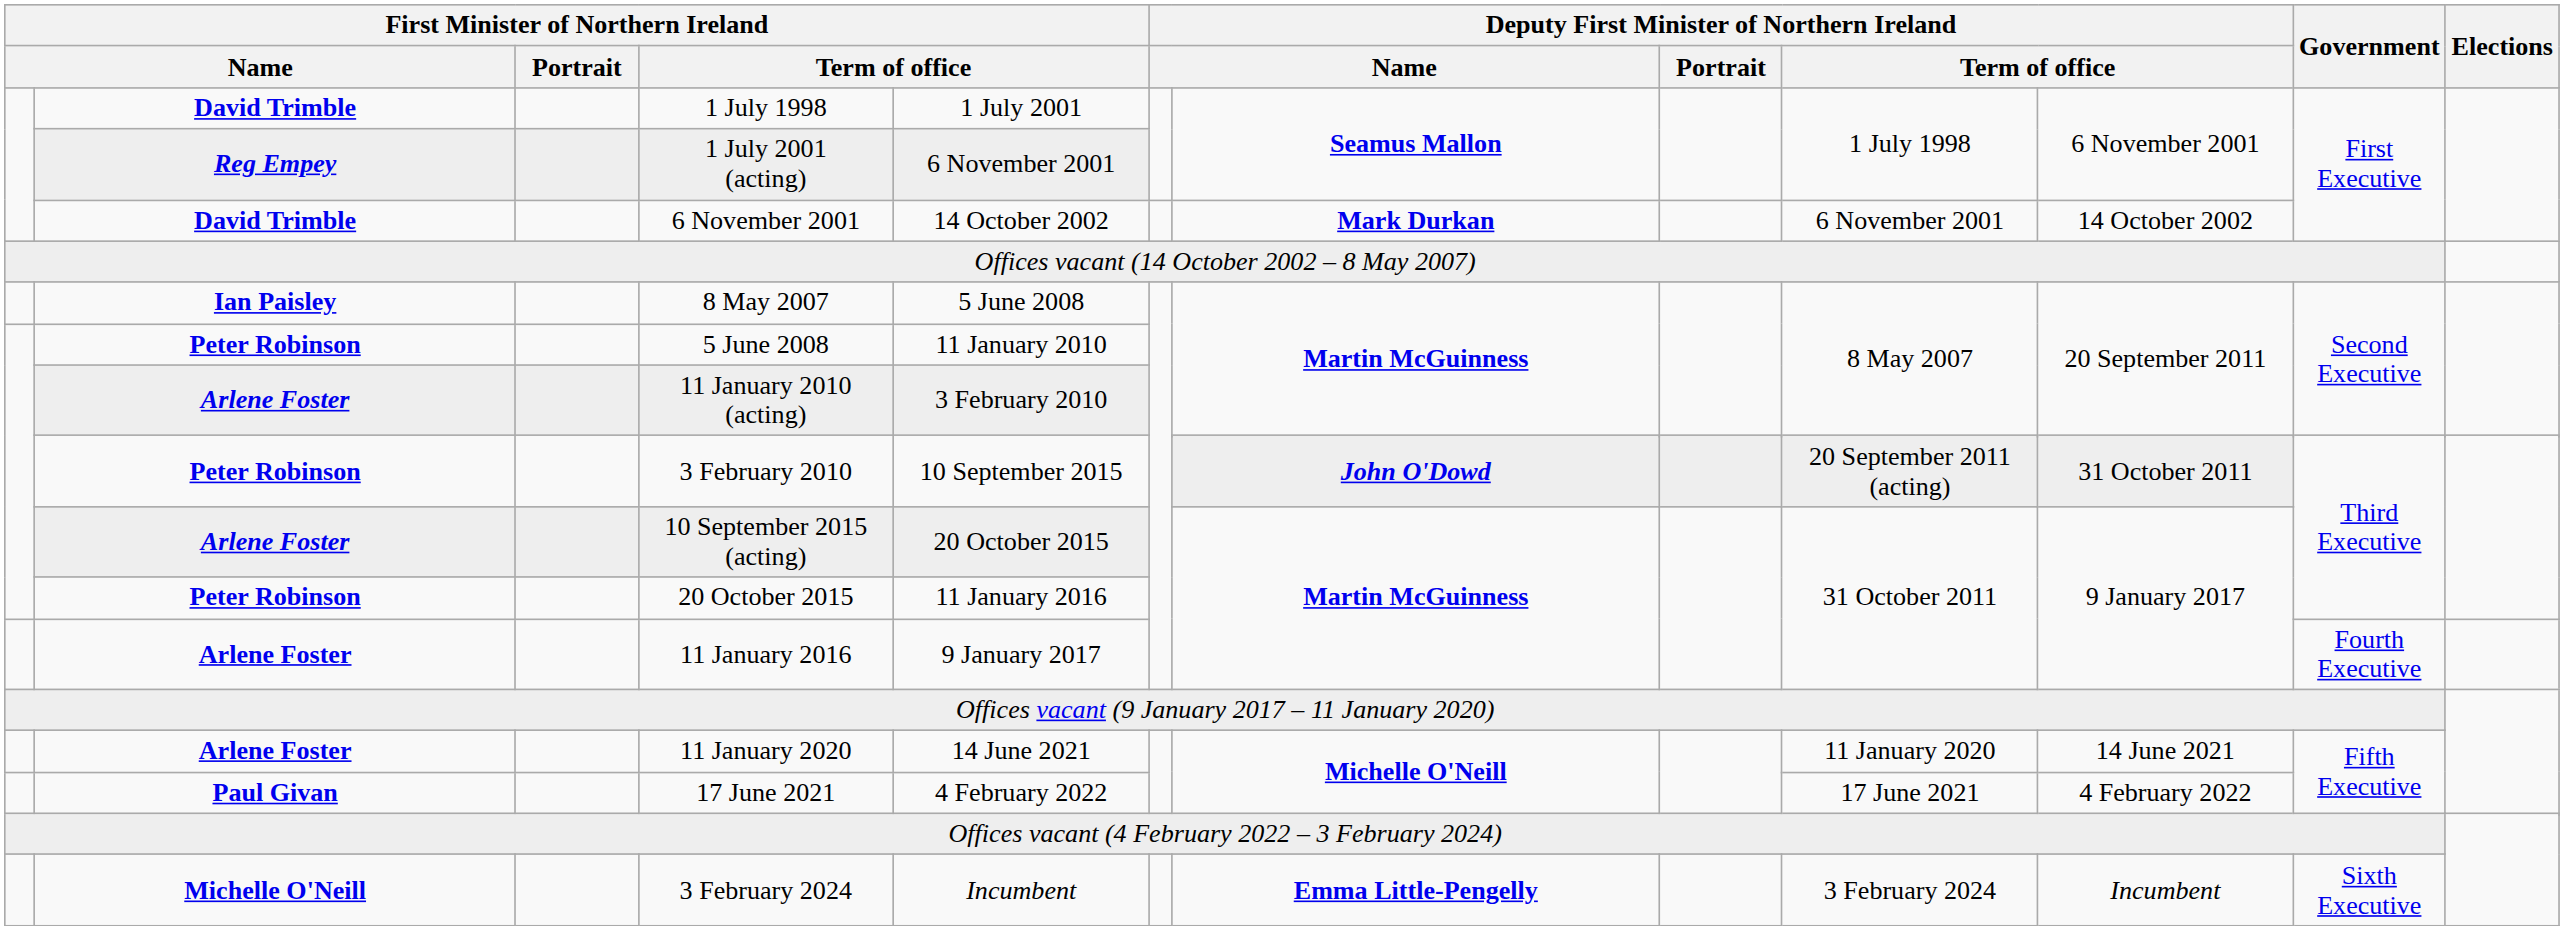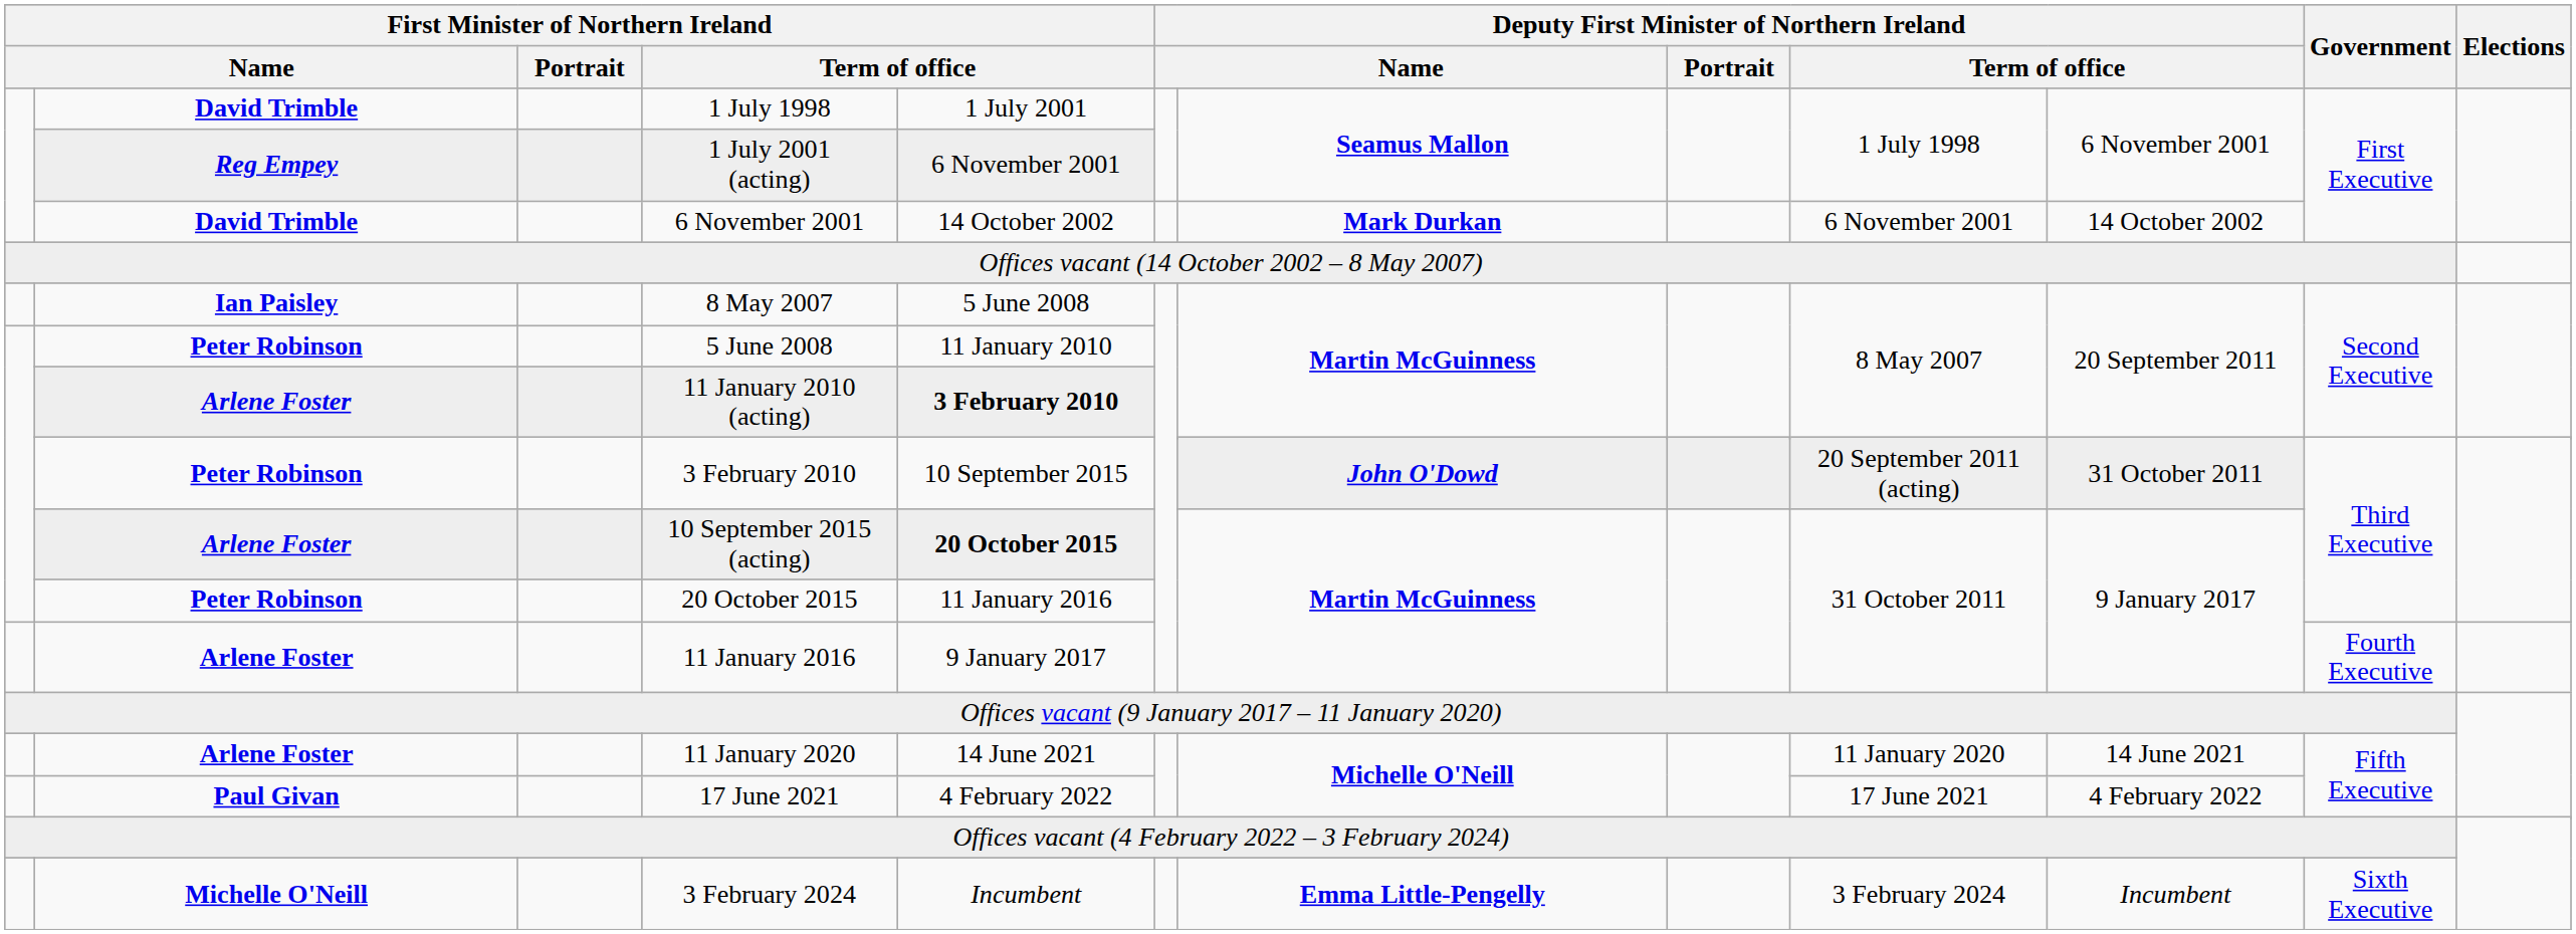 <table class="wikitable" style="text-align:center;">
 <tr>
 <th colspan=5>First Minister of Northern Ireland</th>
 <th colspan=5>Deputy First Minister of Northern Ireland</th>
 <th rowspan=2>Government</th>
 <th rowspan=2>Elections</th>
 </tr>
 <tr>
 <th colspan=2 width=20%>Name<br></th>
 <th width=75>Portrait</th>
 <th colspan=2 width=20%>Term of office</th>
 <th colspan=2 width=20%>Name<br></th>
 <th width=75>Portrait</th>
 <th colspan=2 width=20%>Term of office</th>
 </tr>
 <tr>
 <td rowspan=3 style="background:"></td>
 <td><strong><a href='#'>David Trimble</a></strong><br></td>
 <td></td>
 <td>1 July 1998</td>
 <td>1 July 2001</td>
 <td rowspan=2 style="background:"></td>
 <td rowspan=2><strong><a href='#'>Seamus Mallon</a></strong><br></td>
 <td rowspan=2></td>
 <td rowspan=2>1 July 1998</td>
 <td rowspan=2>6 November 2001</td>
 <td rowspan=3><a href='#'>First Executive</a></td>
 <td rowspan=4 style="background:"><a href='#'></a></td>
 </tr>
 <tr>
 <td style=background:#EEEEEE><strong><em><a href='#'>Reg Empey</a></em></strong><br></td>
 <td style=background:#EEEEEE></td>
 <td style=background:#EEEEEE>1 July 2001<br>(acting)</td>
 <td style=background:#EEEEEE>6 November 2001</td>
 </tr>
 <tr>
 <td><strong><a href='#'>David Trimble</a></strong><br></td>
 <td></td>
 <td>6 November 2001</td>
 <td>14 October 2002</td>
 <td style="background:"></td>
 <td><strong><a href='#'>Mark Durkan</a></strong><br></td>
 <td></td>
 <td>6 November 2001</td>
 <td>14 October 2002</td>
 </tr>
 <tr>
 <td colspan=11 rowspan=2 style=background:#EEEEEE><em>Offices vacant (14 October 2002 – 8 May 2007)</em></td>
 </tr>
 <tr>
 <td style="background:"><a href='#'></a></td>
 </tr>
 <tr>
 <td style="background:"></td>
 <td><strong><a href='#'>Ian Paisley</a></strong><br></td>
 <td></td>
 <td>8 May 2007</td>
 <td>5 June 2008</td>
 <td rowspan=9 style="background:"></td>
 <td rowspan=4><strong><a href='#'>Martin McGuinness</a></strong><br></td>
 <td rowspan=4></td>
 <td rowspan=4>8 May 2007</td>
 <td rowspan=4>20 September 2011</td>
 <td rowspan=4><a href='#'>Second Executive</a></td>
 <td rowspan=4 style="background:"><a href='#'></a></td>
 </tr>
 <tr>
 <td rowspan=7 style="background:"></td>
 <td rowspan=1><strong><a href='#'>Peter Robinson</a></strong><br></td>
 <td rowspan=1></td>
 <td>5 June 2008</td>
 <td>11 January 2010</td>
 </tr>
 <tr>
 <td style=background:#EEEEEE><strong><em><a href='#'>Arlene Foster</a></em></strong><br></td>
 <td style=background:#EEEEEE></td>
 <td style=background:#EEEEEE>11 January 2010<br>(acting)</td>
-<td style=background:#EEEEEE>3 February 2010</td>
+<td style=background:#EEEEEE><strong>3 February 2010</strong></td>
 </tr>
 <tr>
 <td rowspan=3><strong><a href='#'>Peter Robinson</a></strong><br></td>
 <td rowspan=3></td>
 <td rowspan=3>3 February 2010</td>
 <td rowspan=3>10 September 2015</td>
 </tr>
 <tr>
 <td style=background:#EEEEEE><strong><em><a href='#'>John O'Dowd</a></em></strong><br></td>
 <td style=background:#EEEEEE></td>
 <td style=background:#EEEEEE>20 September 2011<br>(acting)</td>
 <td style=background:#EEEEEE>31 October 2011</td>
 <td rowspan=4><a href='#'>Third Executive</a></td>
 <td rowspan=4 style="background:"><a href='#'></a></td>
 </tr>
 <tr>
 <td rowspan=4><strong><a href='#'>Martin McGuinness</a></strong><br></td>
 <td rowspan=4></td>
 <td rowspan=4>31 October 2011</td>
 <td rowspan=4>9 January 2017</td>
 </tr>
 <tr>
 <td style=background:#EEEEEE><strong><em><a href='#'>Arlene Foster</a></em></strong><br></td>
 <td style=background:#EEEEEE></td>
 <td style=background:#EEEEEE>10 September 2015<br>(acting)</td>
-<td style=background:#EEEEEE>20 October 2015</td>
+<td style=background:#EEEEEE><strong>20 October 2015</strong></td>
 </tr>
 <tr>
 <td rowspan=1><strong><a href='#'>Peter Robinson</a></strong><br></td>
 <td rowspan=1></td>
 <td>20 October 2015</td>
 <td>11 January 2016</td>
 </tr>
 <tr>
 <td style="background:"></td>
 <td><strong><a href='#'>Arlene Foster</a></strong><br></td>
 <td></td>
 <td>11 January 2016</td>
 <td>9 January 2017</td>
 <td><a href='#'>Fourth Executive</a></td>
 <td rowspan=2 style="background:"><a href='#'></a></td>
 </tr>
 <tr>
 <td colspan=11 rowspan=2 style=background:#EEEEEE><em>Offices <a href='#'>vacant</a> (9 January 2017 – 11 January 2020)</em></td>
 </tr>
 <tr>
 <td rowspan=4 style="background:"><a href='#'></a></td>
 </tr>
 <tr>
 <td style="background:"></td>
 <td><strong><a href='#'>Arlene Foster</a></strong><br></td>
 <td></td>
 <td>11 January 2020</td>
 <td>14 June 2021</td>
 <td rowspan=2 style="background:"></td>
 <td rowspan=2><strong><a href='#'>Michelle O'Neill</a></strong><br></td>
 <td rowspan=2></td>
 <td rowspan=1>11 January 2020</td>
 <td rowspan=1>14 June 2021</td>
 <td rowspan=2><a href='#'>Fifth Executive</a></td>
 </tr>
 <tr>
 <td style="background:"></td>
 <td><strong><a href='#'>Paul Givan</a></strong><br></td>
 <td></td>
 <td>17 June 2021</td>
 <td>4 February 2022</td>
 <td rowspan=1>17 June 2021</td>
 <td rowspan=1>4 February 2022</td>
 </tr>
 <tr>
 <td rowspan=2 colspan="11" style=background:#EEEEEE><em>Offices vacant (4 February 2022 – 3 February 2024)</em></td>
 </tr>
 <tr>
 <td rowspan=2 style="background:"><a href='#'></a></td>
 </tr>
 <tr>
 <td style="background:"></td>
 <td><strong><a href='#'>Michelle O'Neill</a></strong><br></td>
 <td></td>
 <td>3 February 2024</td>
 <td><em>Incumbent</em></td>
 <td style="background:"></td>
 <td><strong><a href='#'>Emma Little-Pengelly</a></strong><br></td>
 <td></td>
 <td>3 February 2024</td>
 <td><em>Incumbent</em></td>
 <td><a href='#'>Sixth Executive</a></td>
 </tr>
 </table>
